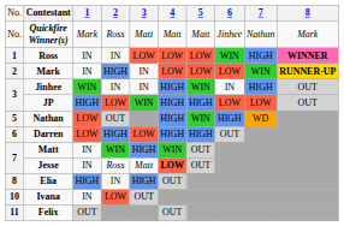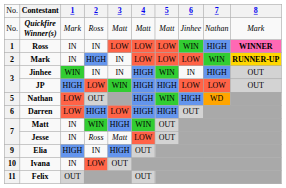 <table class="wikitable" style="text-align:center; align=center; font-size:80%">
 <tr>
 <td>No.</td>
 <th>Contestant</th>
 <th><a href='#'>1</a></th>
 <th><a href='#'>2</a></th>
 <th><a href='#'>3</a></th>
 <th><a href='#'>4</a></th>
 <th><a href='#'>5</a></th>
 <th><a href='#'>6</a></th>
 <th><a href='#'>7</a></th>
 <th><a href='#'>8</a></th>
 </tr>
 <tr>
 <td>No.</td>
 <td><strong><em>Quickfire</em></strong><br><strong><em>Winner(s)</em></strong></td>
 <td><em>Mark</em></td>
 <td><em>Ross</em></td>
 <td><em>Matt</em></td>
 <td><em>Matt</em></td>
 <td><em>Matt</em></td>
 <td><em>Jinhee</em></td>
 <td><em>Nathan</em></td>
 <td><em>Mark</em></td>
 </tr>
 <tr>
 <th>1</th>
 <td><strong>Ross</strong></td>
 <td>IN</td>
 <td>IN</td>
 <td style="background:tomato;">LOW</td>
 <td style="background:tomato;">LOW</td>
 <td style="background:tomato;">LOW</td>
 <td style= "background:limegreen;">WIN</td>
 <td style="background:cornflowerblue;">HIGH</td>
 <td style="background:hotpink"><strong>WINNER</strong></td>
 </tr>
 <tr>
 <th>2</th>
 <td><strong>Mark</strong></td>
 <td>IN</td>
 <td style="background:cornflowerblue;">HIGH</td>
 <td>IN</td>
 <td style="background:tomato;">LOW</td>
 <td style="background:tomato;">LOW</td>
 <td style="background:tomato;">LOW</td>
 <td style= "background:limegreen;">WIN</td>
 <td style="background:gold"><strong>RUNNER-UP</strong></td>
 </tr>
 <tr>
 <th rowspan = "2">3</th>
 <td><strong>Jinhee</strong></td>
 <td style= "background:limegreen;">WIN</td>
 <td>IN</td>
 <td>IN</td>
 <td style="background:cornflowerblue;">HIGH</td>
 <td style= "background:limegreen;">WIN</td>
 <td>IN</td>
 <td style="background:cornflowerblue;">HIGH</td>
 <td style="background:lightgray;">OUT</td>
 </tr>
 <tr>
 <td><strong>JP</strong></td>
 <td style="background:cornflowerblue;">HIGH</td>
 <td style="background:tomato;">LOW</td>
 <td style= "background:limegreen;">WIN</td>
 <td style="background:cornflowerblue;">HIGH</td>
 <td style="background:cornflowerblue;">HIGH</td>
 <td style="background:tomato;">LOW</td>
 <td style="background:tomato;">LOW</td>
 <td style="background:lightgray;">OUT</td>
 </tr>
 <tr>
 <th>5</th>
 <td><strong>Nathan</strong></td>
 <td style="background:tomato;">LOW</td>
 <td style="background:lightgray;">OUT</td>
 <td style="background:darkgray"></td>
 <td style="background:cornflowerblue;">HIGH</td>
 <td style= "background:limegreen;">WIN</td>
 <td style="background:cornflowerblue;">HIGH</td>
 <td style="background:orange;">WD</td>
 <td colspan="6" style="background:darkgray"></td>
 </tr>
 <tr>
 <th>6</th>
 <td><strong>Darren</strong></td>
 <td style="background:tomato;">LOW</td>
 <td style="background:cornflowerblue;">HIGH</td>
 <td style="background:tomato;">LOW</td>
 <td style="background:cornflowerblue;">HIGH</td>
 <td style="background:cornflowerblue;">HIGH</td>
 <td style="background:lightgray;">OUT</td>
 <td colspan="6" style="background:darkgray"></td>
 </tr>
 <tr>
 <th rowspan = "2">7</th>
 <td><strong>Matt</strong></td>
 <td>IN</td>
 <td style= "background:limegreen;">WIN</td>
 <td style="background:cornflowerblue;">HIGH</td>
 <td style= "background:limegreen;">WIN</td>
 <td style="background:lightgray;">OUT</td>
 <td colspan="6" style="background:darkgray"></td>
 </tr>
 <tr>
 <td><strong>Jesse</strong></td>
 <td>IN</td>
 <td><em>Ross</em></td>
 <td><em>Matt</em></td>
-<td style="background:tomato;"><strong>LOW</strong></td>
+<td style="background:tomato;">LOW</td>
 <td style="background:lightgray;">OUT</td>
 <td colspan="6" style="background:darkgray"></td>
 </tr>
 <tr>
-<th>8</th>
+<th>9</th>
 <td><strong>Elia</strong></td>
 <td style="background:cornflowerblue;">HIGH</td>
 <td>IN</td>
 <td style="background:cornflowerblue;">HIGH</td>
 <td style="background:lightgray;">OUT</td>
 <td colspan="6" style="background:darkgray"></td>
 </tr>
 <tr>
 <th>10</th>
 <td><strong>Ivana</strong></td>
 <td>IN</td>
 <td style="background:tomato;">LOW</td>
 <td style="background:lightgray;">OUT</td>
 <td colspan="6" style="background:darkgray"></td>
 </tr>
 <tr>
 <th>11</th>
 <td><strong>Felix</strong></td>
 <td style="background:lightgray;">OUT</td>
 <td colspan="2" style="background:darkgray"></td>
 <td style="background:lightgray;">OUT</td>
 <td colspan="5" style="background:darkgray"></td>
 </tr>
 </table>
